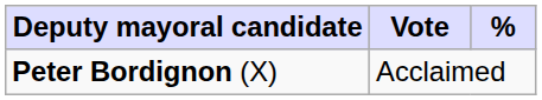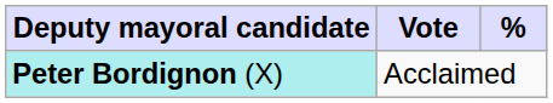 <table class="wikitable">
 <tr>
 <th style="background:#ddf; width:200px;">Deputy mayoral candidate</th>
 <th style="background:#ddf; width:50px;">Vote</th>
 <th style="background:#ddf; width:30px;">%</th>
 </tr>
 <tr>
-<td><strong>Peter Bordignon</strong> (X)</td>
+<td style="background: paleturquoise;"><strong>Peter Bordignon</strong> (X)</td>
 <td colspan="2">Acclaimed</td>
 </tr>
 </table>
